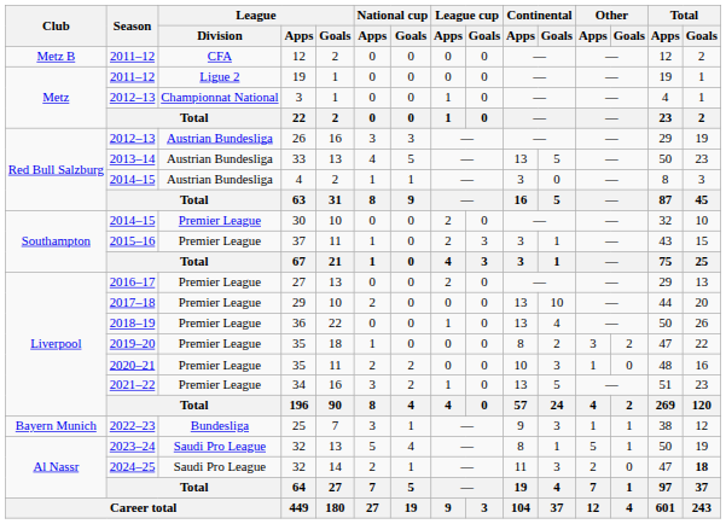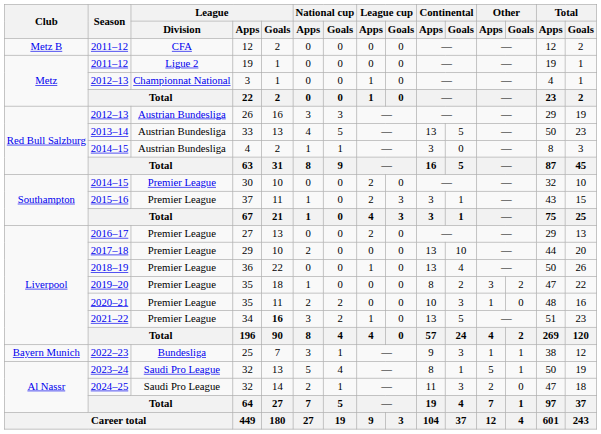 <table class=wikitable style=text-align:center>
 <tr>
 <th rowspan="2">Club</th>
 <th rowspan="2">Season</th>
 <th colspan="3">League</th>
 <th colspan="2">National cup</th>
 <th colspan="2">League cup</th>
 <th colspan="2">Continental</th>
 <th colspan="2">Other</th>
 <th colspan="2">Total</th>
 </tr>
 <tr>
 <th>Division</th>
 <th>Apps</th>
 <th>Goals</th>
 <th>Apps</th>
 <th>Goals</th>
 <th>Apps</th>
 <th>Goals</th>
 <th>Apps</th>
 <th>Goals</th>
 <th>Apps</th>
 <th>Goals</th>
 <th>Apps</th>
 <th>Goals</th>
 </tr>
 <tr>
 <td><a href='#'>Metz B</a></td>
 <td><a href='#'>2011–12</a></td>
 <td><a href='#'>CFA</a></td>
 <td>12</td>
 <td>2</td>
 <td>0</td>
 <td>0</td>
 <td>0</td>
 <td>0</td>
 <td colspan="2">—</td>
 <td colspan="2">—</td>
 <td>12</td>
 <td>2</td>
 </tr>
 <tr>
 <td rowspan="3"><a href='#'>Metz</a></td>
 <td><a href='#'>2011–12</a></td>
 <td><a href='#'>Ligue 2</a></td>
 <td>19</td>
 <td>1</td>
 <td>0</td>
 <td>0</td>
 <td>0</td>
 <td>0</td>
 <td colspan="2">—</td>
 <td colspan="2">—</td>
 <td>19</td>
 <td>1</td>
 </tr>
 <tr>
 <td><a href='#'>2012–13</a></td>
 <td><a href='#'>Championnat National</a></td>
 <td>3</td>
 <td>1</td>
 <td>0</td>
 <td>0</td>
 <td>1</td>
 <td>0</td>
 <td colspan="2">—</td>
 <td colspan="2">—</td>
 <td>4</td>
 <td>1</td>
 </tr>
 <tr>
 <th colspan="2">Total</th>
 <th>22</th>
 <th>2</th>
 <th>0</th>
 <th>0</th>
 <th>1</th>
 <th>0</th>
 <th colspan="2">—</th>
 <th colspan="2">—</th>
 <th>23</th>
 <th>2</th>
 </tr>
 <tr>
 <td rowspan="4"><a href='#'>Red Bull Salzburg</a></td>
 <td><a href='#'>2012–13</a></td>
 <td><a href='#'>Austrian Bundesliga</a></td>
 <td>26</td>
 <td>16</td>
 <td>3</td>
 <td>3</td>
 <td colspan="2">—</td>
 <td colspan="2">—</td>
 <td colspan=2>—</td>
 <td>29</td>
 <td>19</td>
 </tr>
 <tr>
 <td><a href='#'>2013–14</a></td>
 <td>Austrian Bundesliga</td>
 <td>33</td>
 <td>13</td>
 <td>4</td>
 <td>5</td>
 <td colspan="2">—</td>
 <td>13</td>
 <td>5</td>
 <td colspan="2">—</td>
 <td>50</td>
 <td>23</td>
 </tr>
 <tr>
 <td><a href='#'>2014–15</a></td>
 <td>Austrian Bundesliga</td>
 <td>4</td>
 <td>2</td>
 <td>1</td>
 <td>1</td>
 <td colspan="2">—</td>
 <td>3</td>
 <td>0</td>
 <td colspan="2">—</td>
 <td>8</td>
 <td>3</td>
 </tr>
 <tr>
 <th colspan="2">Total</th>
 <th>63</th>
 <th>31</th>
 <th>8</th>
 <th>9</th>
 <th colspan="2">—</th>
 <th>16</th>
 <th>5</th>
 <th colspan="2">—</th>
 <th>87</th>
 <th>45</th>
 </tr>
 <tr>
 <td rowspan="3"><a href='#'>Southampton</a></td>
 <td><a href='#'>2014–15</a></td>
 <td><a href='#'>Premier League</a></td>
 <td>30</td>
 <td>10</td>
 <td>0</td>
 <td>0</td>
 <td>2</td>
 <td>0</td>
 <td colspan="2">—</td>
 <td colspan="2">—</td>
 <td>32</td>
 <td>10</td>
 </tr>
 <tr>
 <td><a href='#'>2015–16</a></td>
 <td>Premier League</td>
 <td>37</td>
 <td>11</td>
 <td>1</td>
 <td>0</td>
 <td>2</td>
 <td>3</td>
 <td>3</td>
 <td>1</td>
 <td colspan="2">—</td>
 <td>43</td>
 <td>15</td>
 </tr>
 <tr>
 <th colspan="2">Total</th>
 <th>67</th>
 <th>21</th>
 <th>1</th>
 <th>0</th>
 <th>4</th>
 <th>3</th>
 <th>3</th>
 <th>1</th>
 <th colspan="2">—</th>
 <th>75</th>
 <th>25</th>
 </tr>
 <tr>
 <td rowspan="7"><a href='#'>Liverpool</a></td>
 <td><a href='#'>2016–17</a></td>
 <td>Premier League</td>
 <td>27</td>
 <td>13</td>
 <td>0</td>
 <td>0</td>
 <td>2</td>
 <td>0</td>
 <td colspan="2">—</td>
 <td colspan="2">—</td>
 <td>29</td>
 <td>13</td>
 </tr>
 <tr>
 <td><a href='#'>2017–18</a></td>
 <td>Premier League</td>
 <td>29</td>
 <td>10</td>
 <td>2</td>
 <td>0</td>
 <td>0</td>
 <td>0</td>
 <td>13</td>
 <td>10</td>
 <td colspan="2">—</td>
 <td>44</td>
 <td>20</td>
 </tr>
 <tr>
 <td><a href='#'>2018–19</a></td>
 <td>Premier League</td>
 <td>36</td>
 <td>22</td>
 <td>0</td>
 <td>0</td>
 <td>1</td>
 <td>0</td>
 <td>13</td>
 <td>4</td>
 <td colspan="2">—</td>
 <td>50</td>
 <td>26</td>
 </tr>
 <tr>
 <td><a href='#'>2019–20</a></td>
 <td>Premier League</td>
 <td>35</td>
 <td>18</td>
 <td>1</td>
 <td>0</td>
 <td>0</td>
 <td>0</td>
 <td>8</td>
 <td>2</td>
 <td>3</td>
 <td>2</td>
 <td>47</td>
 <td>22</td>
 </tr>
 <tr>
 <td><a href='#'>2020–21</a></td>
 <td>Premier League</td>
 <td>35</td>
 <td>11</td>
 <td>2</td>
 <td>2</td>
 <td>0</td>
 <td>0</td>
 <td>10</td>
 <td>3</td>
 <td>1</td>
 <td>0</td>
 <td>48</td>
 <td>16</td>
 </tr>
 <tr>
 <td><a href='#'>2021–22</a></td>
 <td>Premier League</td>
 <td>34</td>
-<td>16</td>
+<td><strong>16</strong></td>
 <td>3</td>
 <td>2</td>
 <td>1</td>
 <td>0</td>
 <td>13</td>
 <td>5</td>
 <td colspan="2">—</td>
 <td>51</td>
 <td>23</td>
 </tr>
 <tr>
 <th colspan="2">Total</th>
 <th>196</th>
 <th>90</th>
 <th>8</th>
 <th>4</th>
 <th>4</th>
 <th>0</th>
 <th>57</th>
 <th>24</th>
 <th>4</th>
 <th>2</th>
 <th>269</th>
 <th>120</th>
 </tr>
 <tr>
 <td><a href='#'>Bayern Munich</a></td>
 <td><a href='#'>2022–23</a></td>
 <td><a href='#'>Bundesliga</a></td>
 <td>25</td>
 <td>7</td>
 <td>3</td>
 <td>1</td>
 <td colspan="2">—</td>
 <td>9</td>
 <td>3</td>
 <td>1</td>
 <td>1</td>
 <td>38</td>
 <td>12</td>
 </tr>
 <tr>
 <td rowspan="3"><a href='#'>Al Nassr</a></td>
 <td><a href='#'>2023–24</a></td>
 <td><a href='#'>Saudi Pro League</a></td>
 <td>32</td>
 <td>13</td>
 <td>5</td>
 <td>4</td>
 <td colspan="2">—</td>
 <td>8</td>
 <td>1</td>
 <td>5</td>
 <td>1</td>
 <td>50</td>
 <td>19</td>
 </tr>
 <tr>
 <td><a href='#'>2024–25</a></td>
 <td>Saudi Pro League</td>
 <td>32</td>
 <td>14</td>
 <td>2</td>
 <td>1</td>
 <td colspan="2">—</td>
 <td>11</td>
 <td>3</td>
 <td>2</td>
 <td>0</td>
 <td>47</td>
-<td><strong>18</strong></td>
+<td>18</td>
 </tr>
 <tr>
 <th colspan="2">Total</th>
 <th>64</th>
 <th>27</th>
 <th>7</th>
 <th>5</th>
 <th colspan="2">—</th>
 <th>19</th>
 <th>4</th>
 <th>7</th>
 <th>1</th>
 <th>97</th>
 <th>37</th>
 </tr>
 <tr>
 <th colspan="3">Career total</th>
 <th>449</th>
 <th>180</th>
 <th>27</th>
 <th>19</th>
 <th>9</th>
 <th>3</th>
 <th>104</th>
 <th>37</th>
 <th>12</th>
 <th>4</th>
 <th>601</th>
 <th>243</th>
 </tr>
 </table>
